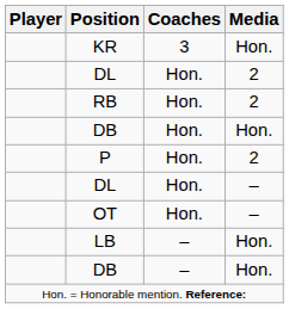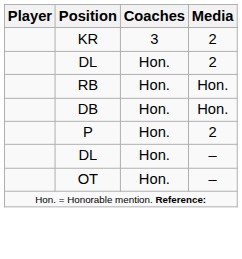 <table class="wikitable sortable sortable" style="text-align: center">
 <tr align=center>
 <th>Player</th>
 <th>Position</th>
 <th>Coaches</th>
 <th>Media</th>
 </tr>
 <tr>
 <td></td>
 <td>KR</td>
 <td>3</td>
-<td data-sort-value="4">Hon.</td>
+<td>2</td>
 </tr>
 <tr>
 <td></td>
 <td>DL</td>
 <td data-sort-value="4">Hon.</td>
 <td>2</td>
 </tr>
 <tr>
 <td></td>
 <td>RB</td>
 <td data-sort-value="4">Hon.</td>
-<td>2</td>
+<td data-sort-value="4">Hon.</td>
 </tr>
 <tr>
 <td></td>
 <td>DB</td>
 <td data-sort-value="4">Hon.</td>
 <td data-sort-value="4">Hon.</td>
 </tr>
 <tr>
 <td></td>
 <td>P</td>
 <td data-sort-value="4">Hon.</td>
 <td>2</td>
 </tr>
 <tr>
 <td></td>
 <td>DL</td>
 <td data-sort-value="4">Hon.</td>
 <td data-sort-value="5">–</td>
 </tr>
 <tr>
 <td></td>
 <td>OT</td>
 <td data-sort-value="4">Hon.</td>
 <td data-sort-value="5">–</td>
 </tr>
-<tr>
-<td></td>
-<td>LB</td>
-<td data-sort-value="5">–</td>
-<td data-sort-value="4">Hon.</td>
-</tr>
-<tr>
-<td></td>
-<td>DB</td>
-<td data-sort-value="5">–</td>
-<td data-sort-value="4">Hon.</td>
-</tr>
 <tr class="sortbottom">
 <td colspan="4"  style="font-size:8pt; text-align:center;">Hon. = Honorable mention. <strong>Reference:</strong></td>
 </tr>
 </table>
